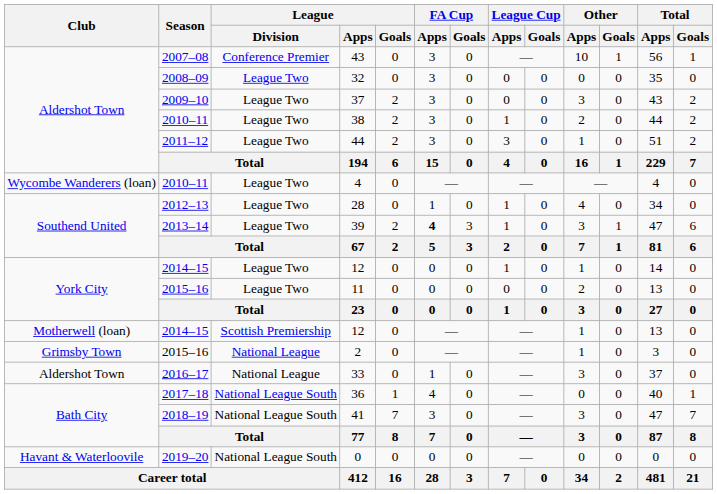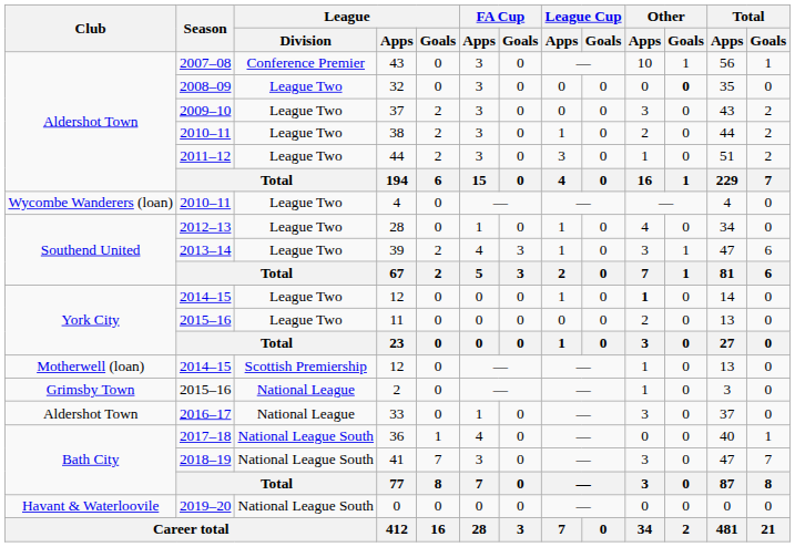 <table class=wikitable style=text-align:center>
 <tr>
 <th rowspan=2>Club</th>
 <th rowspan=2>Season</th>
 <th colspan=3>League</th>
 <th colspan=2><a href='#'>FA Cup</a></th>
 <th colspan=2><a href='#'>League Cup</a></th>
 <th colspan=2>Other</th>
 <th colspan=2>Total</th>
 </tr>
 <tr>
 <th>Division</th>
 <th>Apps</th>
 <th>Goals</th>
 <th>Apps</th>
 <th>Goals</th>
 <th>Apps</th>
 <th>Goals</th>
 <th>Apps</th>
 <th>Goals</th>
 <th>Apps</th>
 <th>Goals</th>
 </tr>
 <tr>
 <td rowspan=6><a href='#'>Aldershot Town</a></td>
 <td><a href='#'>2007–08</a></td>
 <td><a href='#'>Conference Premier</a></td>
 <td>43</td>
 <td>0</td>
 <td>3</td>
 <td>0</td>
 <td colspan=2>—</td>
 <td>10</td>
 <td>1</td>
 <td>56</td>
 <td>1</td>
 </tr>
 <tr>
 <td><a href='#'>2008–09</a></td>
 <td><a href='#'>League Two</a></td>
 <td>32</td>
 <td>0</td>
 <td>3</td>
 <td>0</td>
 <td>0</td>
 <td>0</td>
 <td>0</td>
-<td>0</td>
+<td><strong>0</strong></td>
 <td>35</td>
 <td>0</td>
 </tr>
 <tr>
 <td><a href='#'>2009–10</a></td>
 <td>League Two</td>
 <td>37</td>
 <td>2</td>
 <td>3</td>
 <td>0</td>
 <td>0</td>
 <td>0</td>
 <td>3</td>
 <td>0</td>
 <td>43</td>
 <td>2</td>
 </tr>
 <tr>
 <td><a href='#'>2010–11</a></td>
 <td>League Two</td>
 <td>38</td>
 <td>2</td>
 <td>3</td>
 <td>0</td>
 <td>1</td>
 <td>0</td>
 <td>2</td>
 <td>0</td>
 <td>44</td>
 <td>2</td>
 </tr>
 <tr>
 <td><a href='#'>2011–12</a></td>
 <td>League Two</td>
 <td>44</td>
 <td>2</td>
 <td>3</td>
 <td>0</td>
 <td>3</td>
 <td>0</td>
 <td>1</td>
 <td>0</td>
 <td>51</td>
 <td>2</td>
 </tr>
 <tr>
 <th colspan=2>Total</th>
 <th>194</th>
 <th>6</th>
 <th>15</th>
 <th>0</th>
 <th>4</th>
 <th>0</th>
 <th>16</th>
 <th>1</th>
 <th>229</th>
 <th>7</th>
 </tr>
 <tr>
 <td><a href='#'>Wycombe Wanderers</a> (loan)</td>
 <td><a href='#'>2010–11</a></td>
 <td>League Two</td>
 <td>4</td>
 <td>0</td>
 <td colspan=2>—</td>
 <td colspan=2>—</td>
 <td colspan=2>—</td>
 <td>4</td>
 <td>0</td>
 </tr>
 <tr>
 <td rowspan=3><a href='#'>Southend United</a></td>
 <td><a href='#'>2012–13</a></td>
 <td>League Two</td>
 <td>28</td>
 <td>0</td>
 <td>1</td>
 <td>0</td>
 <td>1</td>
 <td>0</td>
 <td>4</td>
 <td>0</td>
 <td>34</td>
 <td>0</td>
 </tr>
 <tr>
 <td><a href='#'>2013–14</a></td>
 <td>League Two</td>
 <td>39</td>
 <td>2</td>
-<td><strong>4</strong></td>
+<td>4</td>
 <td>3</td>
 <td>1</td>
 <td>0</td>
 <td>3</td>
 <td>1</td>
 <td>47</td>
 <td>6</td>
 </tr>
 <tr>
 <th colspan=2>Total</th>
 <th>67</th>
 <th>2</th>
 <th>5</th>
 <th>3</th>
 <th>2</th>
 <th>0</th>
 <th>7</th>
 <th>1</th>
 <th>81</th>
 <th>6</th>
 </tr>
 <tr>
 <td rowspan=3><a href='#'>York City</a></td>
 <td><a href='#'>2014–15</a></td>
 <td>League Two</td>
 <td>12</td>
 <td>0</td>
 <td>0</td>
 <td>0</td>
 <td>1</td>
 <td>0</td>
-<td>1</td>
+<td><strong>1</strong></td>
 <td>0</td>
 <td>14</td>
 <td>0</td>
 </tr>
 <tr>
 <td><a href='#'>2015–16</a></td>
 <td>League Two</td>
 <td>11</td>
 <td>0</td>
 <td>0</td>
 <td>0</td>
 <td>0</td>
 <td>0</td>
 <td>2</td>
 <td>0</td>
 <td>13</td>
 <td>0</td>
 </tr>
 <tr>
 <th colspan=2>Total</th>
 <th>23</th>
 <th>0</th>
 <th>0</th>
 <th>0</th>
 <th>1</th>
 <th>0</th>
 <th>3</th>
 <th>0</th>
 <th>27</th>
 <th>0</th>
 </tr>
 <tr>
 <td><a href='#'>Motherwell</a> (loan)</td>
 <td><a href='#'>2014–15</a></td>
 <td><a href='#'>Scottish Premiership</a></td>
 <td>12</td>
 <td>0</td>
 <td colspan=2>—</td>
 <td colspan=2>—</td>
 <td>1</td>
 <td>0</td>
 <td>13</td>
 <td>0</td>
 </tr>
 <tr>
 <td><a href='#'>Grimsby Town</a></td>
 <td>2015–16</td>
 <td><a href='#'>National League</a></td>
 <td>2</td>
 <td>0</td>
 <td colspan=2>—</td>
 <td colspan=2>—</td>
 <td>1</td>
 <td>0</td>
 <td>3</td>
 <td>0</td>
 </tr>
 <tr>
 <td>Aldershot Town</td>
 <td><a href='#'>2016–17</a></td>
 <td>National League</td>
 <td>33</td>
 <td>0</td>
 <td>1</td>
 <td>0</td>
 <td colspan=2>—</td>
 <td>3</td>
 <td>0</td>
 <td>37</td>
 <td>0</td>
 </tr>
 <tr>
 <td rowspan=3><a href='#'>Bath City</a></td>
 <td><a href='#'>2017–18</a></td>
 <td><a href='#'>National League South</a></td>
 <td>36</td>
 <td>1</td>
 <td>4</td>
 <td>0</td>
 <td colspan=2>—</td>
 <td>0</td>
 <td>0</td>
 <td>40</td>
 <td>1</td>
 </tr>
 <tr>
 <td><a href='#'>2018–19</a></td>
 <td>National League South</td>
 <td>41</td>
 <td>7</td>
 <td>3</td>
 <td>0</td>
 <td colspan=2>—</td>
 <td>3</td>
 <td>0</td>
 <td>47</td>
 <td>7</td>
 </tr>
 <tr>
 <th colspan=2>Total</th>
 <th>77</th>
 <th>8</th>
 <th>7</th>
 <th>0</th>
 <th colspan=2>—</th>
 <th>3</th>
 <th>0</th>
 <th>87</th>
 <th>8</th>
 </tr>
 <tr>
 <td><a href='#'>Havant & Waterloovile</a></td>
 <td><a href='#'>2019–20</a></td>
 <td>National League South</td>
 <td>0</td>
 <td>0</td>
 <td>0</td>
 <td>0</td>
 <td colspan=2>—</td>
 <td>0</td>
 <td>0</td>
 <td>0</td>
 <td>0</td>
 </tr>
 <tr>
 <th colspan=3>Career total</th>
 <th>412</th>
 <th>16</th>
 <th>28</th>
 <th>3</th>
 <th>7</th>
 <th>0</th>
 <th>34</th>
 <th>2</th>
 <th>481</th>
 <th>21</th>
 </tr>
 </table>
